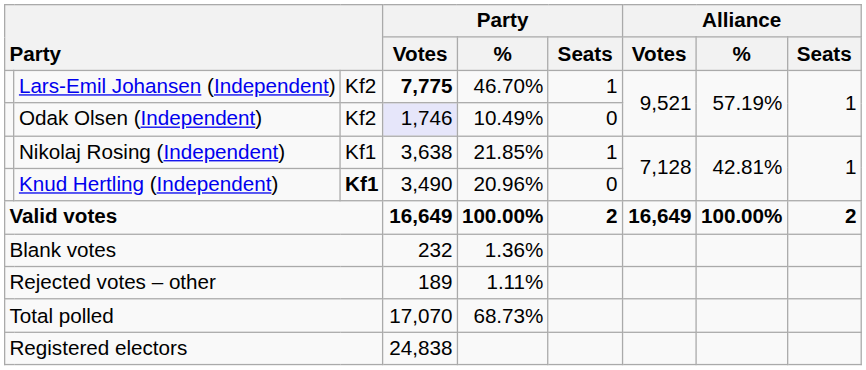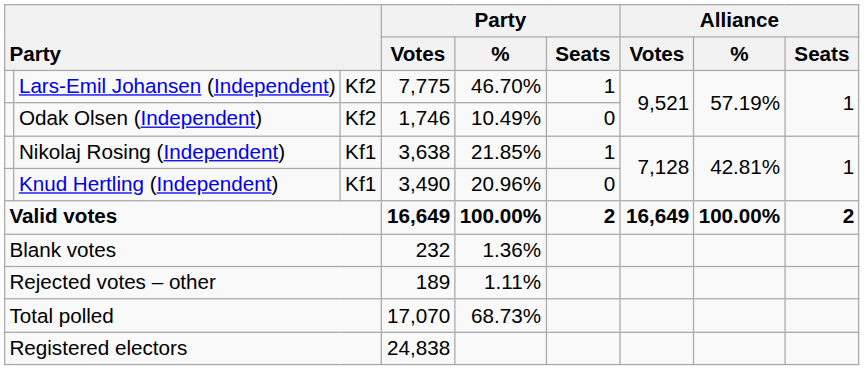 <table class="wikitable" border="1" style="text-align:right;">
 <tr>
 <th style="text-align:left;" valign=bottom rowspan=2 colspan=3>Party</th>
 <th colspan=3>Party</th>
 <th colspan=3>Alliance</th>
 </tr>
 <tr>
 <th align=center valign=bottom width="50">Votes</th>
 <th align=center valign=bottom width="50">%</th>
 <th align=center valign=bottom width="50">Seats</th>
 <th align=center valign=bottom width="50">Votes</th>
 <th align=center valign=bottom width="50">%</th>
 <th align=center valign=bottom width="50">Seats</th>
 </tr>
 <tr>
 <td></td>
 <td align=left><a href='#'>Lars-Emil Johansen</a> (<a href='#'>Independent</a>)</td>
 <td align=left>Kf2</td>
-<td><strong>7,775</strong></td>
+<td>7,775</td>
 <td>46.70%</td>
 <td>1</td>
 <td rowspan=2>9,521</td>
 <td rowspan=2>57.19%</td>
 <td rowspan=2>1</td>
 </tr>
 <tr>
 <td></td>
 <td align=left>Odak Olsen (<a href='#'>Independent</a>)</td>
 <td align=left>Kf2</td>
-<td style="background: lavender;">1,746</td>
+<td>1,746</td>
 <td>10.49%</td>
 <td>0</td>
 </tr>
 <tr>
 <td></td>
 <td align=left>Nikolaj Rosing (<a href='#'>Independent</a>)</td>
 <td align=left>Kf1</td>
 <td>3,638</td>
 <td>21.85%</td>
 <td>1</td>
 <td rowspan=2>7,128</td>
 <td rowspan=2>42.81%</td>
 <td rowspan=2>1</td>
 </tr>
 <tr>
 <td></td>
 <td align=left><a href='#'>Knud Hertling</a> (<a href='#'>Independent</a>)</td>
-<td align=left><strong>Kf1</strong></td>
+<td align=left>Kf1</td>
 <td>3,490</td>
 <td>20.96%</td>
 <td>0</td>
 </tr>
 <tr style="font-weight:bold">
 <td align=left colspan=3>Valid votes</td>
 <td>16,649</td>
 <td>100.00%</td>
 <td>2</td>
 <td>16,649</td>
 <td>100.00%</td>
 <td>2</td>
 </tr>
 <tr>
 <td align=left colspan=3>Blank votes</td>
 <td>232</td>
 <td>1.36%</td>
 <td></td>
 <td></td>
 <td></td>
 <td></td>
 </tr>
 <tr>
 <td align=left colspan=3>Rejected votes – other</td>
 <td>189</td>
 <td>1.11%</td>
 <td></td>
 <td></td>
 <td></td>
 <td></td>
 </tr>
 <tr>
 <td align=left colspan=3>Total polled</td>
 <td>17,070</td>
 <td>68.73%</td>
 <td></td>
 <td></td>
 <td></td>
 <td></td>
 </tr>
 <tr>
 <td align=left colspan=3>Registered electors</td>
 <td>24,838</td>
 <td></td>
 <td></td>
 <td></td>
 <td></td>
 <td></td>
 </tr>
 </table>
